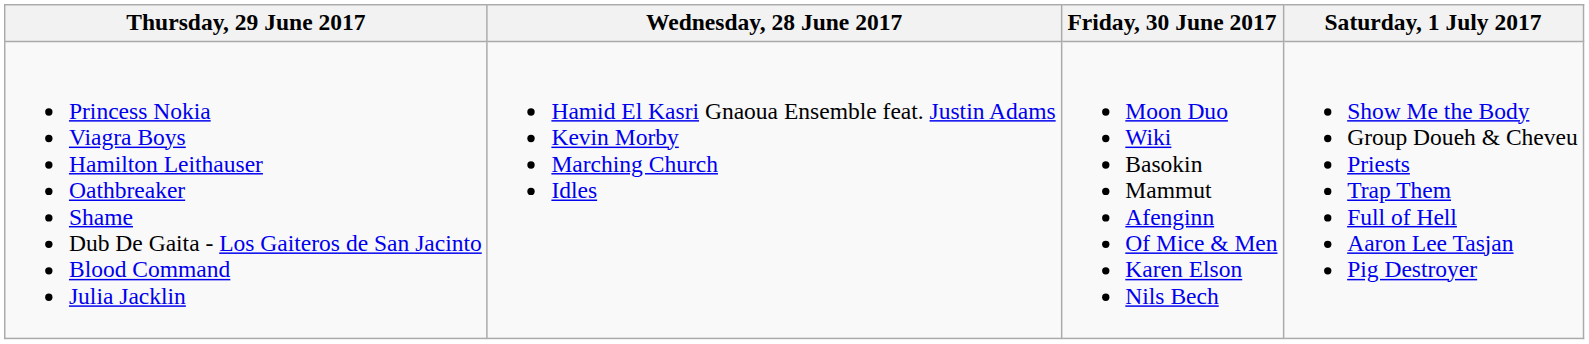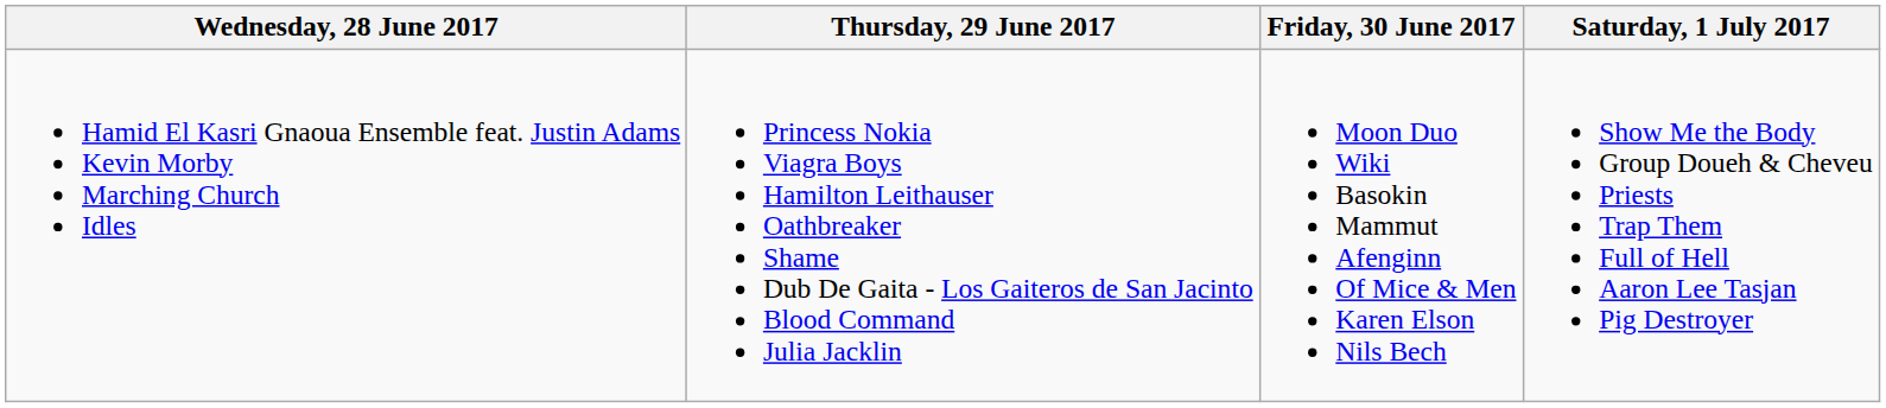 <table class="wikitable">
 <tr>
+<th>Wednesday, 28 June 2017</th>
 <th>Thursday, 29 June 2017</th>
-<th>Wednesday, 28 June 2017</th>
 <th>Friday, 30 June 2017</th>
 <th>Saturday, 1 July 2017</th>
 </tr>
 <tr valign="top">
+<td><br><ul><li><a href='#'>Hamid El Kasri</a> Gnaoua Ensemble feat. <a href='#'>Justin Adams</a></li><li><a href='#'>Kevin Morby</a></li><li><a href='#'>Marching Church</a></li><li><a href='#'>Idles</a></li></ul></td>
 <td><br><ul><li><a href='#'>Princess Nokia</a></li><li><a href='#'>Viagra Boys</a></li><li><a href='#'>Hamilton Leithauser</a></li><li><a href='#'>Oathbreaker</a></li><li><a href='#'>Shame</a></li><li>Dub De Gaita - <a href='#'>Los Gaiteros de San Jacinto</a></li><li><a href='#'>Blood Command</a></li><li><a href='#'>Julia Jacklin</a></li></ul></td>
-<td><br><ul><li><a href='#'>Hamid El Kasri</a> Gnaoua Ensemble feat. <a href='#'>Justin Adams</a></li><li><a href='#'>Kevin Morby</a></li><li><a href='#'>Marching Church</a></li><li><a href='#'>Idles</a></li></ul></td>
 <td><br><ul><li><a href='#'>Moon Duo</a></li><li><a href='#'>Wiki</a></li><li>Basokin</li><li>Mammut</li><li><a href='#'>Afenginn</a></li><li><a href='#'>Of Mice & Men</a></li><li><a href='#'>Karen Elson</a></li><li><a href='#'>Nils Bech</a></li></ul></td>
 <td><br><ul><li><a href='#'>Show Me the Body</a></li><li>Group Doueh & Cheveu</li><li><a href='#'>Priests</a></li><li><a href='#'>Trap Them</a></li><li><a href='#'>Full of Hell</a></li><li><a href='#'>Aaron Lee Tasjan</a></li><li><a href='#'>Pig Destroyer</a></li></ul></td>
 </tr>
 </table>
